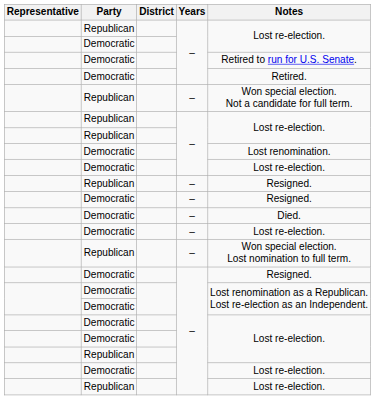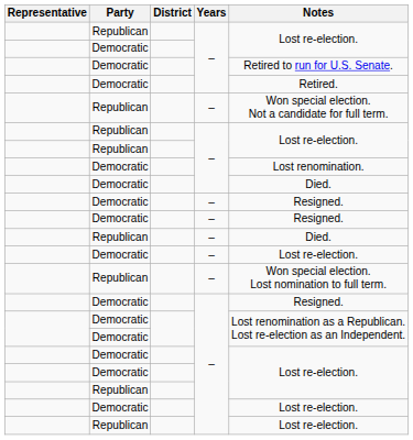 <table class="wikitable sortable" style="text-align:center">
 <tr valign=bottom>
 <th>Representative</th>
 <th>Party</th>
 <th>District</th>
 <th>Years</th>
 <th>Notes</th>
 </tr>
 <tr>
 <td align=left></td>
 <td>Republican</td>
 <td></td>
 <td rowspan="4" nowrap=""> –<br></td>
 <td rowspan="2">Lost re-election.</td>
 </tr>
 <tr>
 <td align=left></td>
 <td>Democratic</td>
 <td></td>
 </tr>
 <tr>
 <td align=left></td>
 <td>Democratic</td>
 <td></td>
 <td>Retired to <a href='#'>run for U.S. Senate</a>.</td>
 </tr>
 <tr>
 <td align=left></td>
 <td>Democratic</td>
 <td></td>
 <td>Retired.</td>
 </tr>
 <tr>
 <td align=left></td>
 <td>Republican</td>
 <td></td>
 <td nowrap> –<br></td>
 <td>Won special election.<br>Not a candidate for full term.</td>
 </tr>
 <tr>
 <td align=left></td>
 <td>Republican</td>
 <td></td>
 <td rowspan="4" nowrap=""> –<br></td>
 <td rowspan="2">Lost re-election.</td>
 </tr>
 <tr>
 <td align=left></td>
 <td>Republican</td>
 <td></td>
 </tr>
 <tr>
 <td align=left></td>
 <td>Democratic</td>
 <td></td>
 <td>Lost renomination.</td>
 </tr>
 <tr>
 <td align=left></td>
 <td>Democratic</td>
 <td></td>
-<td>Lost re-election.</td>
+<td>Died.</td>
 </tr>
 <tr>
 <td align=left></td>
-<td>Republican</td>
+<td>Democratic</td>
 <td></td>
 <td nowrap> –<br></td>
 <td>Resigned.</td>
 </tr>
 <tr>
 <td align=left></td>
 <td>Democratic</td>
 <td></td>
 <td nowrap> –<br></td>
 <td>Resigned.</td>
 </tr>
 <tr>
 <td align=left></td>
-<td>Democratic</td>
+<td>Republican</td>
 <td></td>
 <td nowrap> –<br></td>
 <td>Died.</td>
 </tr>
 <tr>
 <td align=left></td>
 <td>Democratic</td>
 <td></td>
 <td nowrap> –<br></td>
 <td>Lost re-election.</td>
 </tr>
 <tr>
 <td align=left></td>
 <td>Republican</td>
 <td></td>
 <td nowrap> –<br></td>
 <td>Won special election.<br>Lost nomination to full term.</td>
 </tr>
 <tr>
 <td align=left></td>
 <td>Democratic</td>
 <td></td>
 <td rowspan="8" nowrap=""> –<br></td>
 <td>Resigned.</td>
 </tr>
 <tr>
 <td align=left rowspan=2></td>
 <td>Democratic</td>
 <td rowspan=2></td>
 <td rowspan="2">Lost renomination as a Republican.<br>Lost re-election as an Independent.</td>
 </tr>
 <tr>
 <td>Democratic</td>
 </tr>
 <tr>
 <td align=left></td>
 <td>Democratic</td>
 <td></td>
 <td rowspan="3">Lost re-election.</td>
 </tr>
 <tr>
 <td align=left></td>
 <td>Democratic</td>
 <td></td>
 </tr>
 <tr>
 <td align=left></td>
 <td>Republican</td>
 <td></td>
 </tr>
 <tr>
 <td align=left></td>
 <td>Democratic</td>
 <td></td>
 <td>Lost re-election.</td>
 </tr>
 <tr>
 <td align=left></td>
 <td>Republican</td>
 <td></td>
 <td>Lost re-election.</td>
 </tr>
 </table>
